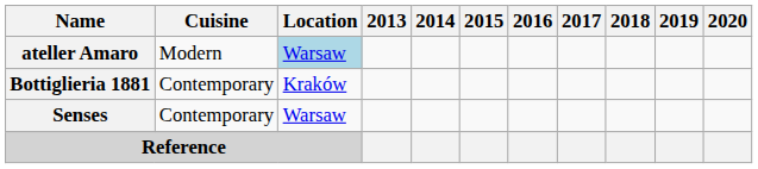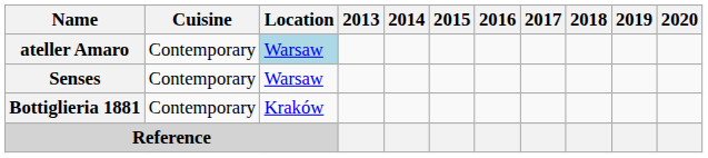 <table class="wikitable sortable plainrowheaders" style="text-align:left;"">
 <tr>
 <th scope="col">Name</th>
 <th scope="col">Cuisine</th>
 <th scope="col">Location</th>
 <th scope="col">2013</th>
 <th scope="col">2014</th>
 <th scope="col">2015</th>
 <th scope="col">2016</th>
 <th scope="col">2017</th>
 <th scope="col">2018</th>
 <th scope="col">2019</th>
 <th scope="col">2020</th>
 </tr>
 <tr>
 <th scope="row">ateller Amaro</th>
-<td>Modern</td>
+<td>Contemporary</td>
 <td style="background: lightblue;"><a href='#'>Warsaw</a></td>
+<td></td>
+<td></td>
+<td></td>
+<td></td>
+<td></td>
+<td></td>
+<td></td>
+<td></td>
+</tr>
+<tr>
+<th scope="row">Senses</th>
+<td>Contemporary</td>
+<td><a href='#'>Warsaw</a></td>
 <td></td>
 <td></td>
 <td></td>
 <td></td>
 <td></td>
 <td></td>
 <td></td>
 <td></td>
 </tr>
 <tr>
 <th scope="row">Bottiglieria 1881</th>
 <td>Contemporary</td>
 <td><a href='#'>Kraków</a></td>
 <td></td>
 <td></td>
 <td></td>
 <td></td>
 <td></td>
 <td></td>
 <td></td>
 <td></td>
 </tr>
 <tr>
-<th scope="row">Senses</th>
-<td>Contemporary</td>
-<td><a href='#'>Warsaw</a></td>
-<td></td>
-<td></td>
-<td></td>
-<td></td>
-<td></td>
-<td></td>
-<td></td>
-<td></td>
-</tr>
-<tr>
 <th colspan="3" style="text-align: center;background: lightgray;">Reference</th>
 <th></th>
 <th></th>
 <th></th>
 <th></th>
 <th></th>
 <th></th>
 <th></th>
 <th></th>
 </tr>
 </table>
